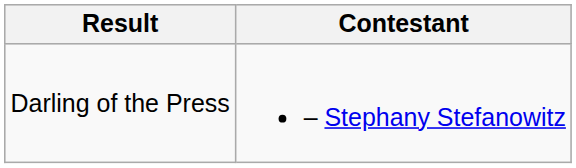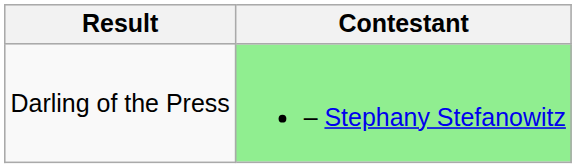 <table class="wikitable" style="text-align:center;">
 <tr>
 <th>Result</th>
 <th>Contestant</th>
 </tr>
 <tr>
 <td>Darling of the Press</td>
-<td><br><ul><li> – <a href='#'>Stephany Stefanowitz</a></li></ul></td>
+<td style="background: lightgreen;"><br><ul><li> – <a href='#'>Stephany Stefanowitz</a></li></ul></td>
 </tr>
 </table>
